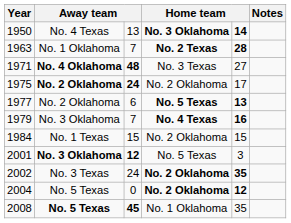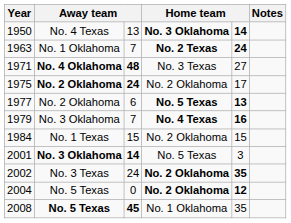 <table class="wikitable">
 <tr>
 <th>Year</th>
 <th colspan="2">Away team</th>
 <th colspan="2">Home team</th>
 <th>Notes</th>
 </tr>
 <tr align="center">
 <td>1950</td>
 <td>No. 4 Texas</td>
 <td>13</td>
 <td><strong>No. 3 Oklahoma</strong></td>
 <td><strong>14</strong></td>
 <td></td>
 </tr>
 <tr align="center">
 <td>1963</td>
 <td>No. 1 Oklahoma</td>
 <td>7</td>
 <td><strong>No. 2 Texas</strong></td>
-<td><strong>28</strong></td>
+<td><strong>24</strong></td>
 <td></td>
 </tr>
 <tr align="center">
 <td>1971</td>
 <td><strong>No. 4 Oklahoma</strong></td>
 <td><strong>48</strong></td>
 <td>No. 3 Texas</td>
 <td>27</td>
 <td></td>
 </tr>
 <tr align="center">
 <td>1975</td>
 <td><strong>No. 2 Oklahoma</strong></td>
 <td><strong>24</strong></td>
 <td>No. 2 Oklahoma</td>
 <td>17</td>
 <td></td>
 </tr>
 <tr align="center">
 <td>1977</td>
 <td>No. 2 Oklahoma</td>
 <td>6</td>
 <td><strong>No. 5 Texas</strong></td>
 <td><strong>13</strong></td>
 <td></td>
 </tr>
 <tr align="center">
 <td>1979</td>
 <td>No. 3 Oklahoma</td>
 <td>7</td>
 <td><strong>No. 4 Texas</strong></td>
 <td><strong>16</strong></td>
 <td></td>
 </tr>
 <tr align="center">
 <td>1984</td>
 <td>No. 1 Texas</td>
 <td>15</td>
 <td>No. 2 Oklahoma</td>
 <td>15</td>
 <td></td>
 </tr>
 <tr align="center">
 <td>2001</td>
 <td><strong>No. 3 Oklahoma</strong></td>
-<td><strong>12</strong></td>
+<td><strong>14</strong></td>
 <td>No. 5 Texas</td>
 <td>3</td>
 <td></td>
 </tr>
 <tr align="center">
 <td>2002</td>
 <td>No. 3 Texas</td>
 <td>24</td>
 <td><strong>No. 2 Oklahoma</strong></td>
 <td><strong>35</strong></td>
 <td></td>
 </tr>
 <tr align="center">
 <td>2004</td>
 <td>No. 5 Texas</td>
 <td>0</td>
 <td><strong>No. 2 Oklahoma</strong></td>
 <td><strong>12</strong></td>
 <td></td>
 </tr>
 <tr align="center">
 <td>2008</td>
 <td><strong>No. 5 Texas</strong></td>
 <td><strong>45</strong></td>
 <td>No. 1 Oklahoma</td>
 <td>35</td>
 </tr>
 </table>
